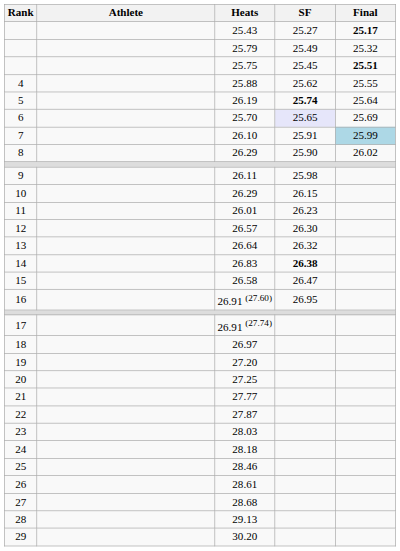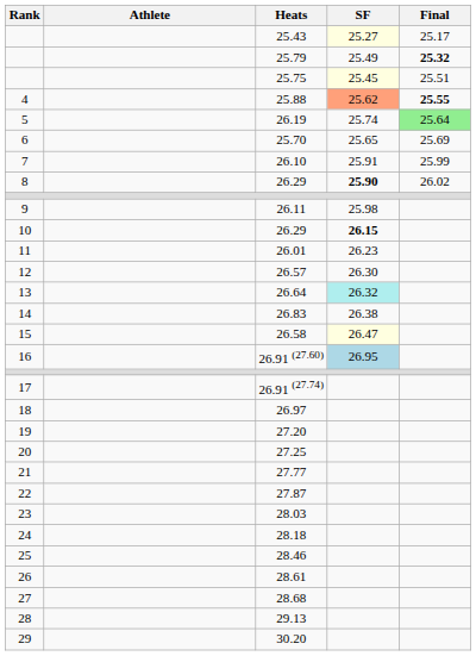 <table class=wikitable style="text-align:center">
 <tr>
 <th width=40>Rank</th>
 <th width=250>Athlete</th>
 <th width=80>Heats</th>
 <th width=80>SF</th>
 <th width=80>Final</th>
 </tr>
 <tr>
 <td></td>
 <td align=left></td>
 <td>25.43</td>
-<td>25.27</td>
-<td><strong>25.17</strong></td>
+<td style="background: lightyellow;">25.27</td>
+<td>25.17</td>
 </tr>
 <tr>
 <td></td>
 <td align=left></td>
 <td>25.79</td>
 <td>25.49</td>
-<td>25.32</td>
+<td><strong>25.32</strong></td>
 </tr>
 <tr>
 <td></td>
 <td align=left></td>
 <td>25.75</td>
-<td>25.45</td>
-<td><strong>25.51</strong></td>
+<td style="background: lightyellow;">25.45</td>
+<td>25.51</td>
 </tr>
 <tr>
 <td>4</td>
 <td align=left></td>
 <td>25.88</td>
-<td>25.62</td>
-<td>25.55</td>
+<td style="background: lightsalmon;">25.62</td>
+<td><strong>25.55</strong></td>
 </tr>
 <tr>
 <td>5</td>
 <td align=left></td>
 <td>26.19</td>
-<td><strong>25.74</strong></td>
-<td>25.64</td>
+<td>25.74</td>
+<td style="background: lightgreen;">25.64</td>
 </tr>
 <tr>
 <td>6</td>
 <td align=left></td>
 <td>25.70</td>
-<td style="background: lavender;">25.65</td>
+<td>25.65</td>
 <td>25.69</td>
 </tr>
 <tr>
 <td>7</td>
 <td align=left></td>
 <td>26.10</td>
 <td>25.91</td>
-<td style="background: lightblue;">25.99</td>
+<td>25.99</td>
 </tr>
 <tr>
 <td>8</td>
 <td align=left></td>
 <td>26.29</td>
-<td>25.90</td>
+<td><strong>25.90</strong></td>
 <td>26.02</td>
 </tr>
 <tr bgcolor=#DDDDDD>
 <td colspan=5></td>
 </tr>
 <tr>
 <td>9</td>
 <td align=left></td>
 <td>26.11</td>
 <td>25.98</td>
 <td></td>
 </tr>
 <tr>
 <td>10</td>
 <td align=left></td>
 <td>26.29</td>
-<td>26.15</td>
+<td><strong>26.15</strong></td>
 <td></td>
 </tr>
 <tr>
 <td>11</td>
 <td align=left></td>
 <td>26.01</td>
 <td>26.23</td>
 <td></td>
 </tr>
 <tr>
 <td>12</td>
 <td align=left></td>
 <td>26.57</td>
 <td>26.30</td>
 <td></td>
 </tr>
 <tr>
 <td>13</td>
 <td align=left></td>
 <td>26.64</td>
-<td>26.32</td>
+<td style="background: paleturquoise;">26.32</td>
 <td></td>
 </tr>
 <tr>
 <td>14</td>
 <td align=left></td>
 <td>26.83</td>
-<td><strong>26.38</strong></td>
+<td>26.38</td>
 <td></td>
 </tr>
 <tr>
 <td>15</td>
 <td align=left></td>
 <td>26.58</td>
-<td>26.47</td>
+<td style="background: lightyellow;">26.47</td>
 <td></td>
 </tr>
 <tr>
 <td>16</td>
 <td align=left></td>
 <td>26.91 <sup>(27.60)</sup></td>
-<td>26.95</td>
+<td style="background: lightblue;">26.95</td>
 <td></td>
 </tr>
 <tr bgcolor=#DDDDDD>
 <td colspan=5></td>
 </tr>
 <tr>
 <td>17</td>
 <td align=left></td>
 <td>26.91 <sup>(27.74)</sup></td>
 <td></td>
 <td></td>
 </tr>
 <tr>
 <td>18</td>
 <td align=left></td>
 <td>26.97</td>
 <td></td>
 <td></td>
 </tr>
 <tr>
 <td>19</td>
 <td align=left></td>
 <td>27.20</td>
 <td></td>
 <td></td>
 </tr>
 <tr>
 <td>20</td>
 <td align=left></td>
 <td>27.25</td>
 <td></td>
 <td></td>
 </tr>
 <tr>
 <td>21</td>
 <td align=left></td>
 <td>27.77</td>
 <td></td>
 <td></td>
 </tr>
 <tr>
 <td>22</td>
 <td align=left></td>
 <td>27.87</td>
 <td></td>
 <td></td>
 </tr>
 <tr>
 <td>23</td>
 <td align=left></td>
 <td>28.03</td>
 <td></td>
 <td></td>
 </tr>
 <tr>
 <td>24</td>
 <td align=left></td>
 <td>28.18</td>
 <td></td>
 <td></td>
 </tr>
 <tr>
 <td>25</td>
 <td align=left></td>
 <td>28.46</td>
 <td></td>
 <td></td>
 </tr>
 <tr>
 <td>26</td>
 <td align=left></td>
 <td>28.61</td>
 <td></td>
 <td></td>
 </tr>
 <tr>
 <td>27</td>
 <td align=left></td>
 <td>28.68</td>
 <td></td>
 <td></td>
 </tr>
 <tr>
 <td>28</td>
 <td align=left></td>
 <td>29.13</td>
 <td></td>
 <td></td>
 </tr>
 <tr>
 <td>29</td>
 <td align=left></td>
 <td>30.20</td>
 <td></td>
 <td></td>
 </tr>
 </table>
